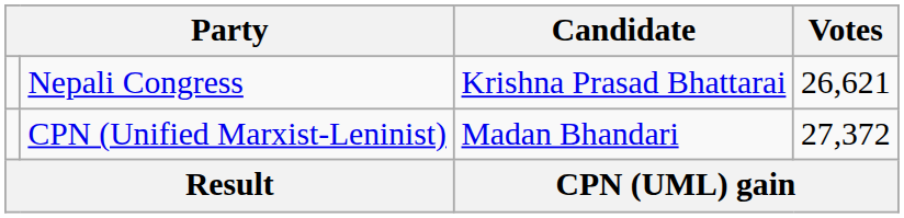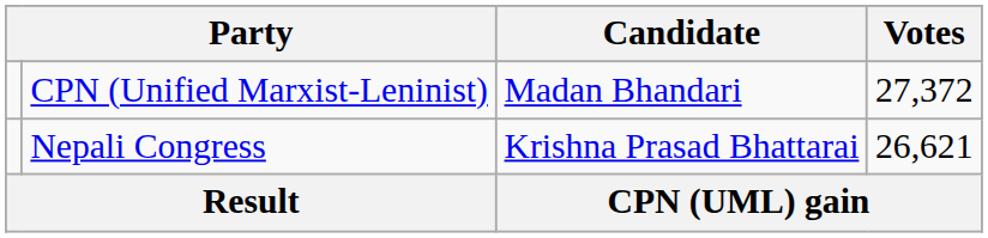 <table class="wikitable">
 <tr>
 <th colspan="2">Party</th>
 <th>Candidate</th>
 <th>Votes</th>
 </tr>
 <tr>
 <td style="background-color:"></td>
+<td><a href='#'>CPN (Unified Marxist-Leninist)</a></td>
+<td><a href='#'>Madan Bhandari</a></td>
+<td>27,372</td>
+</tr>
+<tr>
+<td style="background-color:"></td>
 <td><a href='#'>Nepali Congress</a></td>
 <td><a href='#'>Krishna Prasad Bhattarai</a></td>
 <td>26,621</td>
-</tr>
-<tr>
-<td style="background-color:"></td>
-<td><a href='#'>CPN (Unified Marxist-Leninist)</a></td>
-<td><a href='#'>Madan Bhandari</a></td>
-<td>27,372</td>
 </tr>
 <tr>
 <th colspan="2">Result</th>
 <th colspan="2">CPN (UML) gain</th>
 </tr>
 </table>
